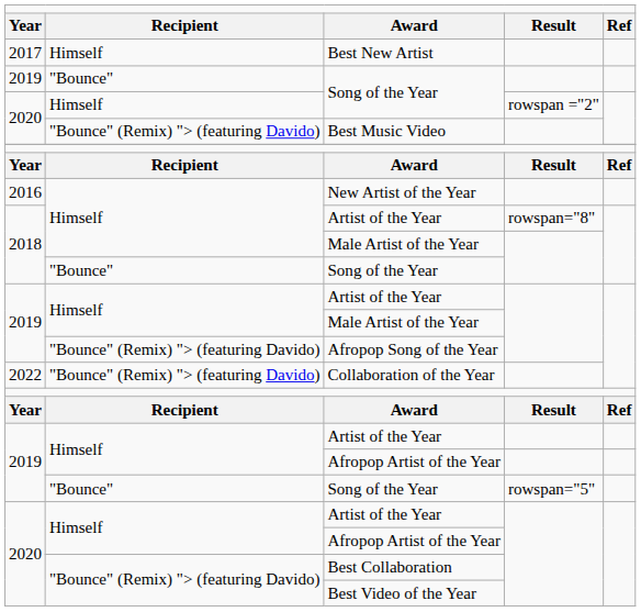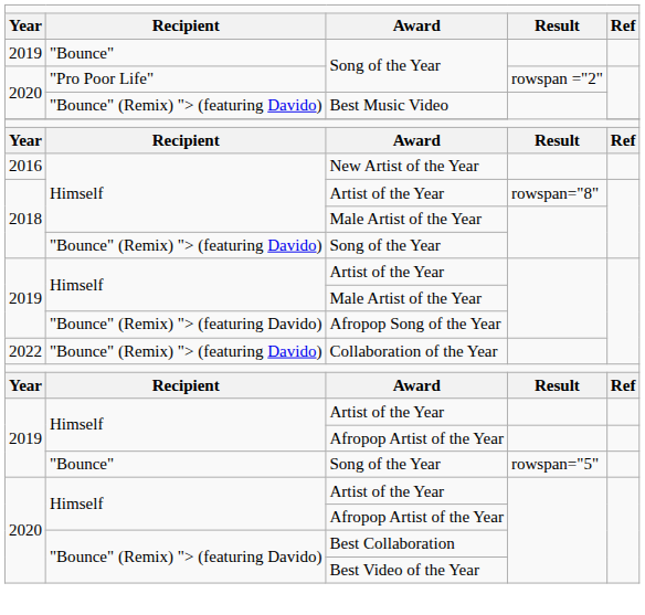 <table class ="wikitable">
 <tr>
 <td colspan="5" style="font-size:110%"></td>
 </tr>
 <tr>
 <th>Year</th>
 <th>Recipient</th>
 <th>Award</th>
 <th>Result</th>
 <th>Ref</th>
 </tr>
 <tr>
-<td>2017</td>
-<td>Himself</td>
-<td>Best New Artist</td>
-<td></td>
-<td></td>
-</tr>
-<tr>
 <td>2019</td>
 <td>"Bounce"</td>
 <td rowspan="2">Song of the Year</td>
 <td></td>
 <td></td>
 </tr>
 <tr>
 <td rowspan="2">2020</td>
-<td>Himself</td>
+<td>"Pro Poor Life"</td>
 <td>rowspan ="2" </td>
 <td rowspan="2"></td>
 </tr>
 <tr>
 <td>"Bounce" (Remix) <span>"> (featuring <a href='#'>Davido</a>)</span></td>
 <td>Best Music Video</td>
 </tr>
 <tr>
 </tr>
 <tr>
 <td colspan="5" style="font-size:110%"></td>
 </tr>
 <tr>
 <th>Year</th>
 <th>Recipient</th>
 <th>Award</th>
 <th>Result</th>
 <th>Ref</th>
 </tr>
 <tr>
 <td>2016</td>
 <td rowspan="3">Himself</td>
 <td>New Artist of the Year</td>
 <td></td>
 <td></td>
 </tr>
 <tr>
 <td rowspan="3">2018</td>
 <td>Artist of the Year</td>
 <td>rowspan="8" </td>
 <td rowspan="3"></td>
 </tr>
 <tr>
 <td>Male Artist of the Year</td>
 </tr>
 <tr>
-<td>"Bounce"</td>
+<td>"Bounce" (Remix) <span>"> (featuring <a href='#'>Davido</a>)</span></td>
 <td>Song of the Year</td>
 </tr>
 <tr>
 <td rowspan="4'">2019</td>
 <td rowspan="2">Himself</td>
 <td>Artist of the Year</td>
 <td rowspan="4"></td>
 </tr>
 <tr>
 <td>Male Artist of the Year</td>
 </tr>
 <tr>
 <td rowspan="2">"Bounce" (Remix) <span>"> (featuring Davido)</span></td>
 <td>Afropop Song of the Year</td>
 </tr>
 <tr>
 <td rowspan="2">Collaboration of the Year</td>
 </tr>
 <tr>
 <td>2022</td>
 <td>"Bounce" (Remix) <span>"> (featuring <a href='#'>Davido</a>)</span></td>
 <td></td>
 </tr>
 <tr>
 <td colspan="5" style="font-size:110%"></td>
 </tr>
 <tr>
 <th>Year</th>
 <th>Recipient</th>
 <th>Award</th>
 <th>Result</th>
 <th>Ref</th>
 </tr>
 <tr>
 <td rowspan="3">2019</td>
 <td rowspan="2">Himself</td>
 <td>Artist of the Year</td>
 <td></td>
 <td></td>
 </tr>
 <tr>
 <td>Afropop Artist of the Year</td>
 <td></td>
 <td></td>
 </tr>
 <tr>
 <td>"Bounce"</td>
 <td>Song of the Year</td>
 <td>rowspan="5"</td>
 <td></td>
 </tr>
 <tr>
 <td rowspan="4">2020</td>
 <td rowspan="2">Himself</td>
 <td>Artist of the Year</td>
 <td rowspan="4"></td>
 </tr>
 <tr>
 <td>Afropop Artist of the Year</td>
 </tr>
 <tr>
 <td rowspan="2">"Bounce" (Remix) <span>"> (featuring Davido)</span></td>
 <td>Best Collaboration</td>
 </tr>
 <tr>
 <td>Best Video of the Year</td>
 </tr>
 </table>
